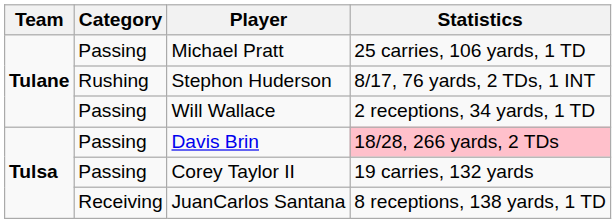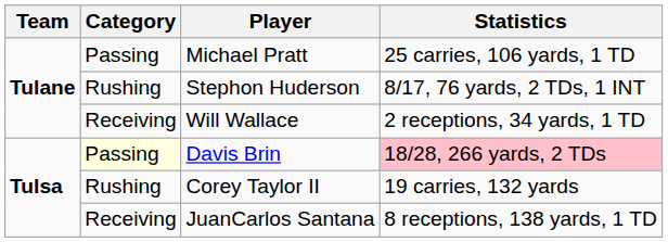 <table class="wikitable" style="float: left;">
 <tr>
 <th>Team</th>
 <th>Category</th>
 <th>Player</th>
 <th>Statistics</th>
 </tr>
 <tr>
 <td rowspan=3><strong>Tulane</strong></td>
 <td>Passing</td>
 <td>Michael Pratt</td>
 <td>25 carries, 106 yards, 1 TD</td>
 </tr>
 <tr>
 <td>Rushing</td>
 <td>Stephon Huderson</td>
 <td>8/17, 76 yards, 2 TDs, 1 INT</td>
 </tr>
 <tr>
-<td>Passing</td>
+<td>Receiving</td>
 <td>Will Wallace</td>
 <td>2 receptions, 34 yards, 1 TD</td>
 </tr>
 <tr>
 <td rowspan=3><strong>Tulsa</strong></td>
-<td>Passing</td>
+<td style="background: lightyellow;">Passing</td>
 <td><a href='#'>Davis Brin</a></td>
 <td style="background: pink;">18/28, 266 yards, 2 TDs</td>
 </tr>
 <tr>
-<td>Passing</td>
+<td>Rushing</td>
 <td>Corey Taylor II</td>
 <td>19 carries, 132 yards</td>
 </tr>
 <tr>
 <td>Receiving</td>
 <td>JuanCarlos Santana</td>
 <td>8 receptions, 138 yards, 1 TD</td>
 </tr>
 </table>
